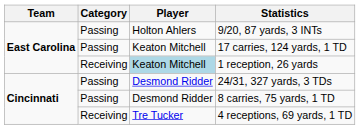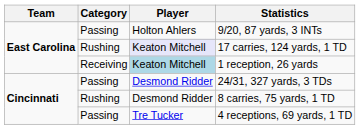 <table class="wikitable" style="float: left;">
 <tr>
 <th>Team</th>
 <th>Category</th>
 <th>Player</th>
 <th>Statistics</th>
 </tr>
 <tr>
 <td rowspan=3><strong>East Carolina</strong></td>
 <td>Passing</td>
 <td>Holton Ahlers</td>
 <td>9/20, 87 yards, 3 INTs</td>
 </tr>
 <tr>
-<td>Passing</td>
-<td>Keaton Mitchell</td>
+<td>Rushing</td>
+<td style="background: lavender;">Keaton Mitchell</td>
 <td>17 carries, 124 yards, 1 TD</td>
 </tr>
 <tr>
 <td>Receiving</td>
 <td style="background: lightblue;">Keaton Mitchell</td>
 <td>1 reception, 26 yards</td>
 </tr>
 <tr>
 <td rowspan=3><strong>Cincinnati</strong></td>
 <td>Passing</td>
 <td><a href='#'>Desmond Ridder</a></td>
 <td>24/31, 327 yards, 3 TDs</td>
 </tr>
 <tr>
-<td>Passing</td>
+<td>Rushing</td>
 <td>Desmond Ridder</td>
 <td>8 carries, 75 yards, 1 TD</td>
 </tr>
 <tr>
-<td>Receiving</td>
+<td>Passing</td>
 <td><a href='#'>Tre Tucker</a></td>
 <td>4 receptions, 69 yards, 1 TD</td>
 </tr>
 </table>
